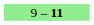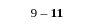 <table style="text-align:center">
 <tr>
 <th width=200></th>
 <th width=100></th>
 <th width=200></th>
 </tr>
 <tr>
 <td align=right></td>
-<td style="background: lightgreen;">9 – <strong>11</strong></td>
+<td>9 – <strong>11</strong></td>
 <td align=left><strong></strong></td>
 </tr>
 </table>
